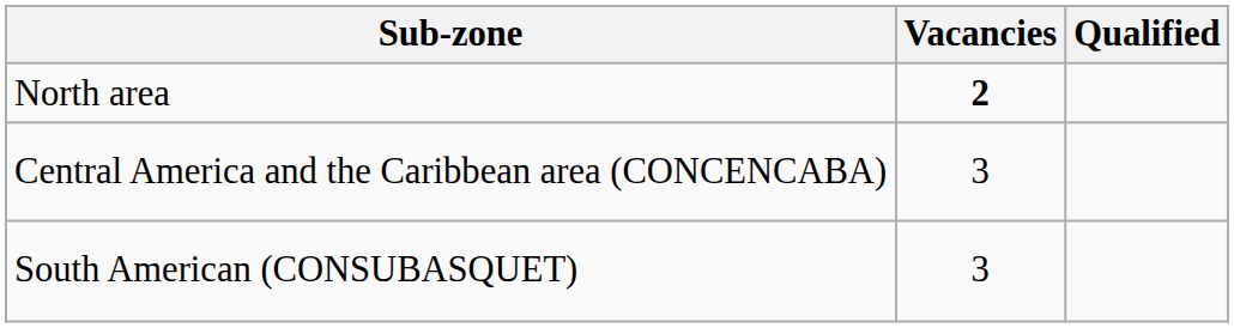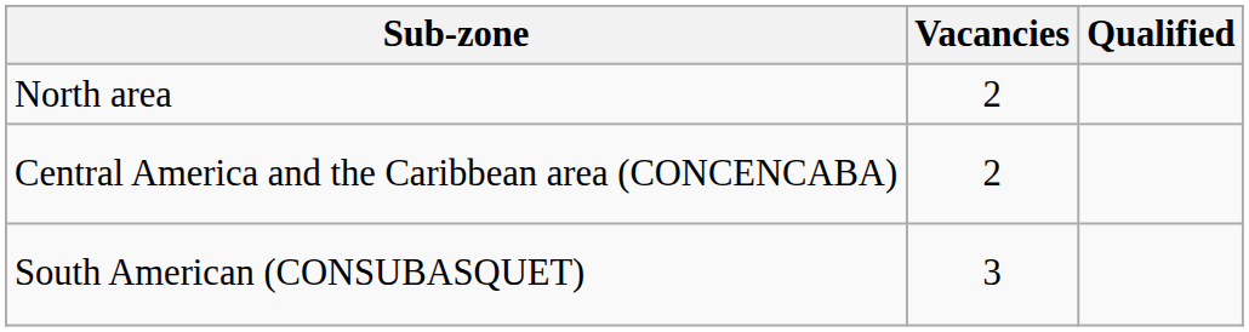 <table class="wikitable">
 <tr>
 <th>Sub-zone</th>
 <th>Vacancies</th>
 <th>Qualified</th>
 </tr>
 <tr>
 <td>North area</td>
-<td align=center><strong>2</strong></td>
+<td align=center>2</td>
 <td><br></td>
 </tr>
 <tr>
 <td>Central America and the Caribbean area (CONCENCABA)</td>
-<td align=center>3</td>
+<td align=center>2</td>
 <td><br><br></td>
 </tr>
 <tr>
 <td>South American (CONSUBASQUET)</td>
 <td align="center">3</td>
 <td> <br> <br></td>
 </tr>
 </table>
